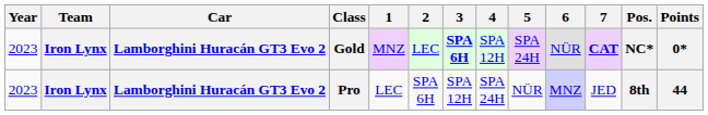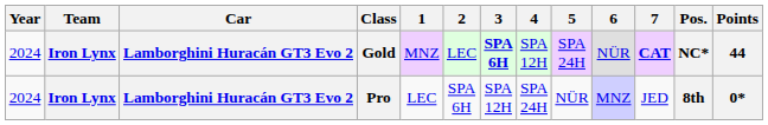 <table class="wikitable" border="1" style="text-align:center; font-size:85%;">
 <tr>
 <th>Year</th>
 <th>Team</th>
 <th>Car</th>
 <th>Class</th>
 <th>1</th>
 <th>2</th>
 <th>3</th>
 <th>4</th>
 <th>5</th>
 <th>6</th>
 <th>7</th>
 <th>Pos.</th>
 <th>Points</th>
 </tr>
 <tr>
-<td><a href='#'>2023</a></td>
+<td><a href='#'>2024</a></td>
 <th nowrap><a href='#'>Iron Lynx</a></th>
 <th nowrap><a href='#'>Lamborghini Huracán GT3 Evo 2</a></th>
 <th>Gold</th>
 <td style="background:#EFCFFF;"><a href='#'>MNZ</a><br></td>
 <td style="background:#DFFFDF;"><a href='#'>LEC</a><br></td>
 <td style="background:#DFFFDF;"><strong><a href='#'>SPA<br>6H</a><br></strong></td>
 <td style="background:#DFFFDF;"><a href='#'>SPA<br>12H</a><br></td>
 <td style="background:#EFCFFF;"><a href='#'>SPA<br>24H</a><br></td>
 <td style="background:#DFDFDF;"><a href='#'>NÜR</a><br></td>
 <td style="background:#EFCFFF;"><strong><a href='#'>CAT</a></strong><br></td>
 <th>NC*</th>
-<th>0*</th>
+<th>44</th>
 </tr>
 <tr>
-<td><a href='#'>2023</a></td>
+<td><a href='#'>2024</a></td>
 <th nowrap><a href='#'>Iron Lynx</a></th>
 <th nowrap><a href='#'>Lamborghini Huracán GT3 Evo 2</a></th>
 <th>Pro</th>
 <td style="background:#;"><a href='#'>LEC</a><br></td>
 <td style="background:#C;"><a href='#'>SPA<br>6H</a><br></td>
 <td style="background:#;"><a href='#'>SPA<br>12H</a><br></td>
 <td style="background:#;"><a href='#'>SPA<br>24H</a><br></td>
 <td style="background:#;"><a href='#'>NÜR</a><br></td>
 <td style="background:#CFCFFF;"><a href='#'>MNZ</a><br></td>
 <td style="background:#;"><a href='#'>JED</a><br></td>
 <th>8th</th>
-<th>44</th>
+<th>0*</th>
 </tr>
 </table>
